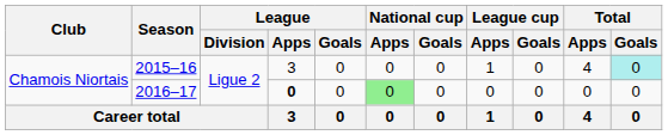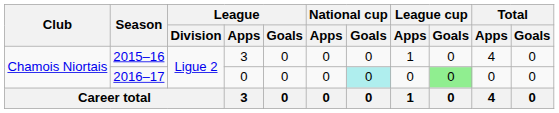 <table class="wikitable" style="text-align:center">
 <tr>
 <th rowspan="2">Club</th>
 <th rowspan="2">Season</th>
 <th colspan="3">League</th>
 <th colspan="2">National cup</th>
 <th colspan="2">League cup</th>
 <th colspan="2">Total</th>
 </tr>
 <tr>
 <th>Division</th>
 <th>Apps</th>
 <th>Goals</th>
 <th>Apps</th>
 <th>Goals</th>
 <th>Apps</th>
 <th>Goals</th>
 <th>Apps</th>
 <th>Goals</th>
 </tr>
 <tr>
 <td rowspan="2"><a href='#'>Chamois Niortais</a></td>
 <td><a href='#'>2015–16</a></td>
 <td rowspan="2"><a href='#'>Ligue 2</a></td>
 <td>3</td>
 <td>0</td>
 <td>0</td>
 <td>0</td>
 <td>1</td>
 <td>0</td>
 <td>4</td>
-<td style="background: paleturquoise;">0</td>
+<td>0</td>
 </tr>
 <tr>
 <td><a href='#'>2016–17</a></td>
-<td><strong>0</strong></td>
-<td>0</td>
-<td style="background: lightgreen;">0</td>
 <td>0</td>
 <td>0</td>
 <td>0</td>
+<td style="background: paleturquoise;">0</td>
+<td>0</td>
+<td style="background: lightgreen;">0</td>
 <td>0</td>
 <td>0</td>
 </tr>
 <tr>
 <th colspan="3">Career total</th>
 <th>3</th>
 <th>0</th>
 <th>0</th>
 <th>0</th>
 <th>1</th>
 <th>0</th>
 <th>4</th>
 <th>0</th>
 </tr>
 </table>
